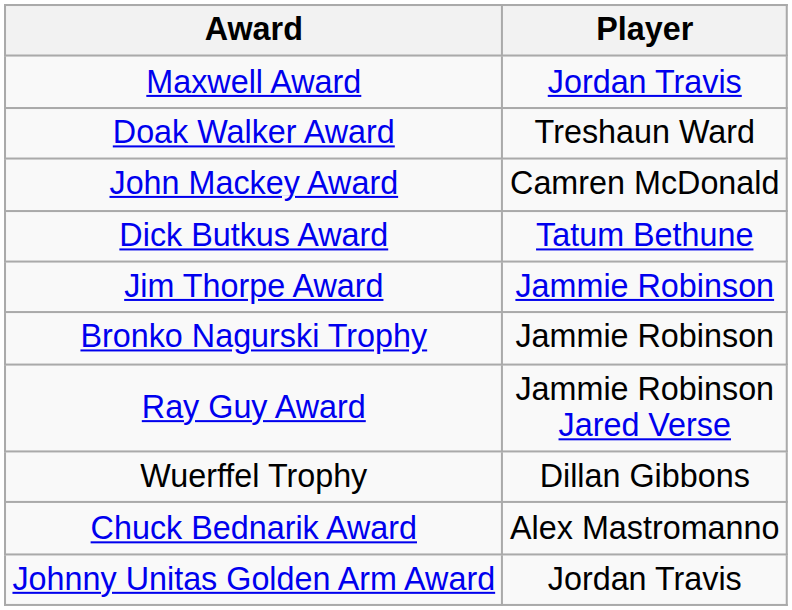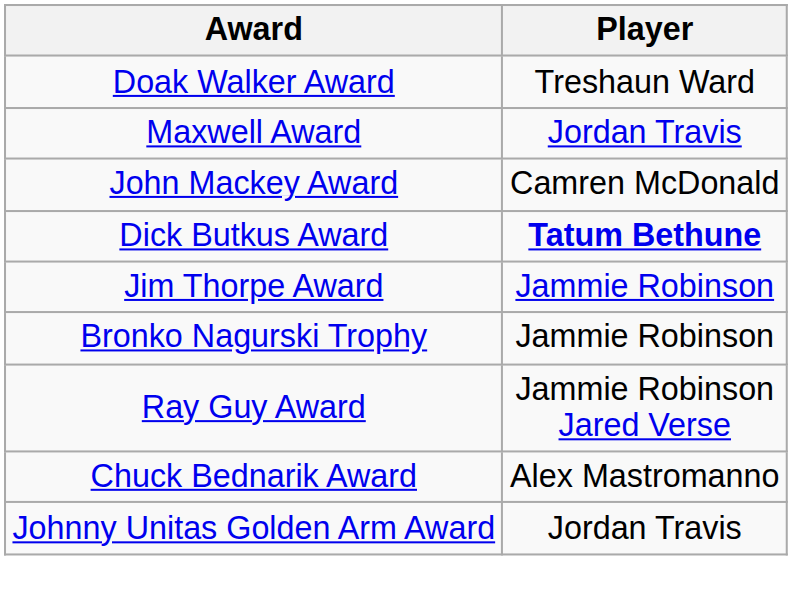 <table class="wikitable" style="text-align:center;">
 <tr>
 <th>Award</th>
 <th>Player</th>
 </tr>
 <tr>
+<td><a href='#'>Doak Walker Award</a></td>
+<td>Treshaun Ward</td>
+</tr>
+<tr>
 <td><a href='#'>Maxwell Award</a></td>
 <td><a href='#'>Jordan Travis</a></td>
-</tr>
-<tr>
-<td><a href='#'>Doak Walker Award</a></td>
-<td>Treshaun Ward</td>
 </tr>
 <tr>
 <td><a href='#'>John Mackey Award</a></td>
 <td>Camren McDonald</td>
 </tr>
 <tr>
 <td><a href='#'>Dick Butkus Award</a></td>
-<td><a href='#'>Tatum Bethune</a></td>
+<td><strong><a href='#'>Tatum Bethune</a></strong></td>
 </tr>
 <tr>
 <td><a href='#'>Jim Thorpe Award</a></td>
 <td><a href='#'>Jammie Robinson</a></td>
 </tr>
 <tr>
 <td><a href='#'>Bronko Nagurski Trophy</a></td>
 <td>Jammie Robinson</td>
 </tr>
 <tr>
 <td><a href='#'>Ray Guy Award</a></td>
 <td>Jammie Robinson<br><a href='#'>Jared Verse</a></td>
 </tr>
 <tr>
-<td>Wuerffel Trophy</td>
-<td>Dillan Gibbons</td>
-</tr>
-<tr>
 <td><a href='#'>Chuck Bednarik Award</a></td>
 <td>Alex Mastromanno</td>
 </tr>
 <tr>
 <td><a href='#'>Johnny Unitas Golden Arm Award</a></td>
 <td>Jordan Travis</td>
 </tr>
 </table>
